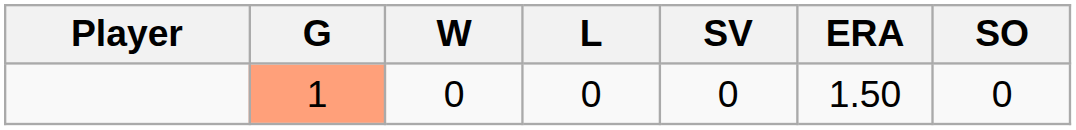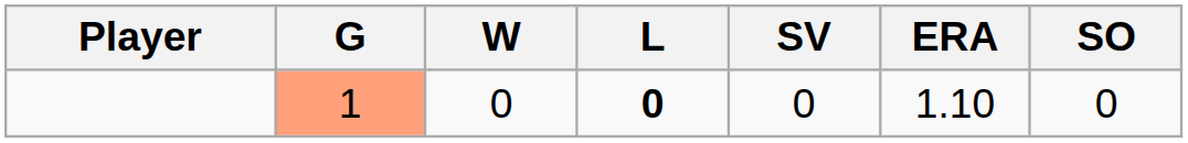 <table class="wikitable sortable">
 <tr>
 <th bgcolor="#DDDDFF" width="16%">Player</th>
 <th bgcolor="#DDDDFF" width="9%">G</th>
 <th bgcolor="#DDDDFF" width="9%">W</th>
 <th bgcolor="#DDDDFF" width="9%">L</th>
 <th bgcolor="#DDDDFF" width="9%">SV</th>
 <th bgcolor="#DDDDFF" width="9%">ERA</th>
 <th bgcolor="#DDDDFF" width="9%">SO</th>
 </tr>
 <tr align="center">
 <td></td>
 <td style="background: lightsalmon;">1</td>
 <td>0</td>
+<td><strong>0</strong></td>
 <td>0</td>
-<td>0</td>
-<td>1.50</td>
+<td>1.10</td>
 <td>0</td>
 </tr>
 </table>
